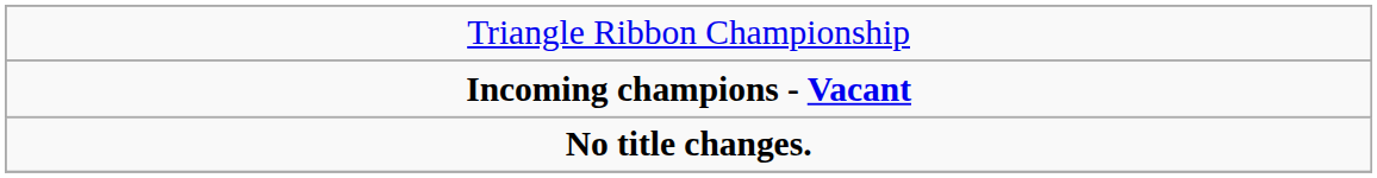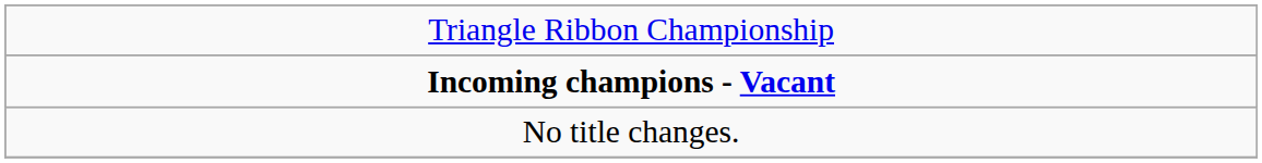 <table class="wikitable" style="text-align:center; width:100%;">
 <tr>
 <td colspan="5" style="text-align: center;"><a href='#'>Triangle Ribbon Championship</a></td>
 </tr>
 <tr>
 <td colspan="5" style="text-align: center;"><strong>Incoming champions - <a href='#'>Vacant</a> </strong></td>
 </tr>
 <tr>
-<td><strong>No title changes.</strong></td>
+<td>No title changes.</td>
 </tr>
 <tr>
 </tr>
 </table>
